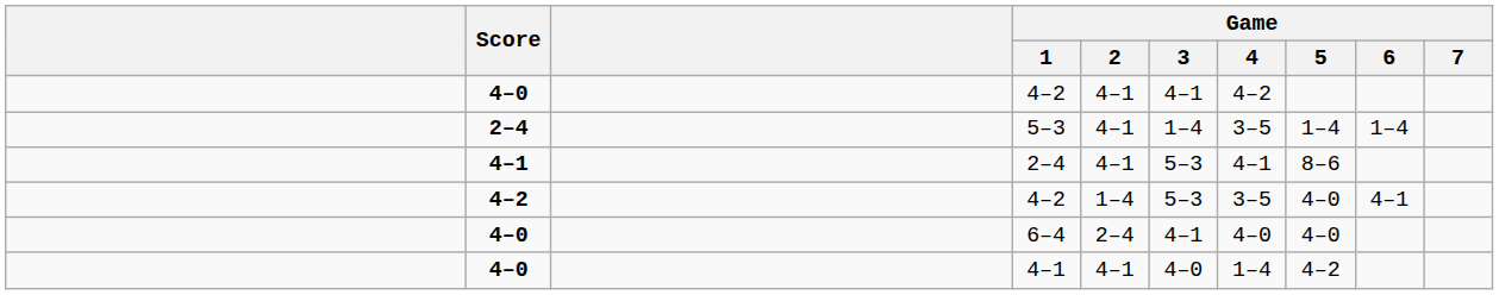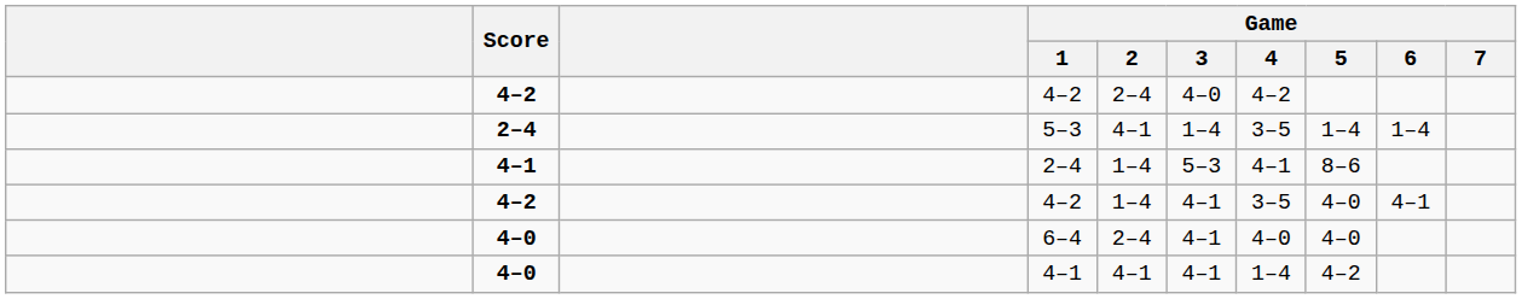 <table class="wikitable" style="text-align: center;">
 <tr>
 <th rowspan=2 align="right" width="270"></th>
 <th rowspan=2 width="45">Score</th>
 <th rowspan=2 align="left" width="270"></th>
 <th colspan=7>Game</th>
 </tr>
 <tr>
 <th width="35">1</th>
 <th width="35">2</th>
 <th width="35">3</th>
 <th width="35">4</th>
 <th width="35">5</th>
 <th width="35">6</th>
 <th width="35">7</th>
 </tr>
 <tr>
 <td align=left><strong></strong></td>
-<td align=center><strong>4–0</strong></td>
+<td align=center><strong>4–2</strong></td>
 <td align=left></td>
 <td>4–2</td>
-<td>4–1</td>
-<td>4–1</td>
+<td>2–4</td>
+<td>4–0</td>
 <td>4–2</td>
 <td></td>
 <td></td>
 <td></td>
 </tr>
 <tr>
 <td align=left></td>
 <td align=center><strong>2–4</strong></td>
 <td align=left><strong></strong></td>
 <td>5–3</td>
 <td>4–1</td>
 <td>1–4</td>
 <td>3–5</td>
 <td>1–4</td>
 <td>1–4</td>
 <td></td>
 </tr>
 <tr>
 <td align=left><strong></strong></td>
 <td align=center><strong>4–1</strong></td>
 <td align=left></td>
 <td>2–4</td>
-<td>4–1</td>
+<td>1–4</td>
 <td>5–3</td>
 <td>4–1</td>
 <td>8–6</td>
 <td></td>
 <td></td>
 </tr>
 <tr>
 <td align=left><strong></strong></td>
 <td align=center><strong>4–2</strong></td>
 <td align=left></td>
 <td>4–2</td>
 <td>1–4</td>
-<td>5–3</td>
+<td>4–1</td>
 <td>3–5</td>
 <td>4–0</td>
 <td>4–1</td>
 <td></td>
 </tr>
 <tr>
 <td align=left><strong></strong></td>
 <td align=center><strong>4–0</strong></td>
 <td align=left></td>
 <td>6–4</td>
 <td>2–4</td>
 <td>4–1</td>
 <td>4–0</td>
 <td>4–0</td>
 <td></td>
 <td></td>
 </tr>
 <tr>
 <td align=left><strong></strong></td>
 <td align=center><strong>4–0</strong></td>
 <td align=left></td>
 <td>4–1</td>
 <td>4–1</td>
-<td>4–0</td>
+<td>4–1</td>
 <td>1–4</td>
 <td>4–2</td>
 <td></td>
 <td></td>
 </tr>
 </table>
